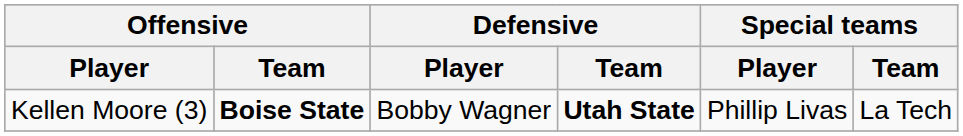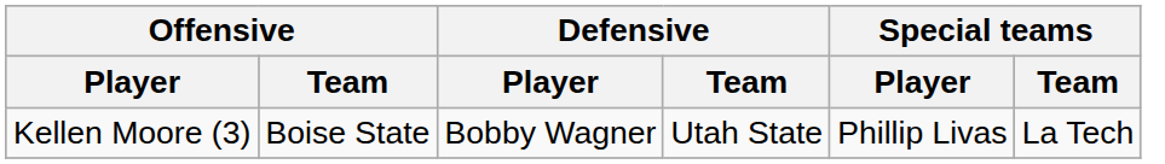 <table class="wikitable">
 <tr>
 <th colspan="2">Offensive</th>
 <th colspan="2">Defensive</th>
 <th colspan="2">Special teams</th>
 </tr>
 <tr>
 <th>Player</th>
 <th>Team</th>
 <th>Player</th>
 <th>Team</th>
 <th>Player</th>
 <th>Team</th>
 </tr>
 <tr>
 <td>Kellen Moore (3)</td>
-<td><strong>Boise State</strong></td>
+<td>Boise State</td>
 <td>Bobby Wagner</td>
-<td><strong>Utah State</strong></td>
+<td>Utah State</td>
 <td>Phillip Livas</td>
 <td>La Tech</td>
 </tr>
 </table>
